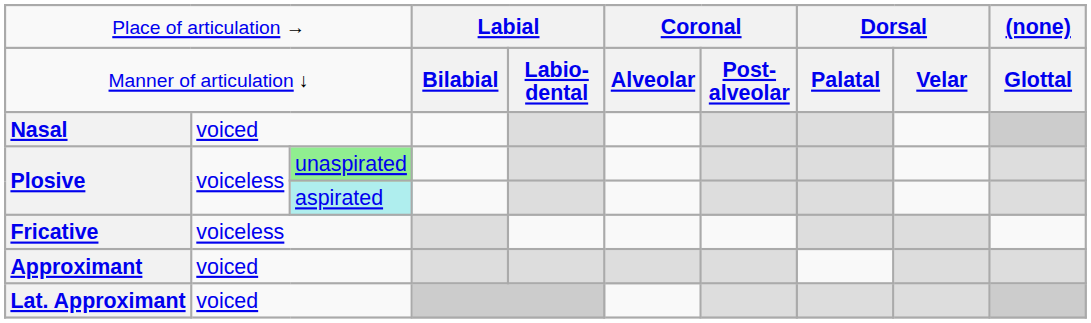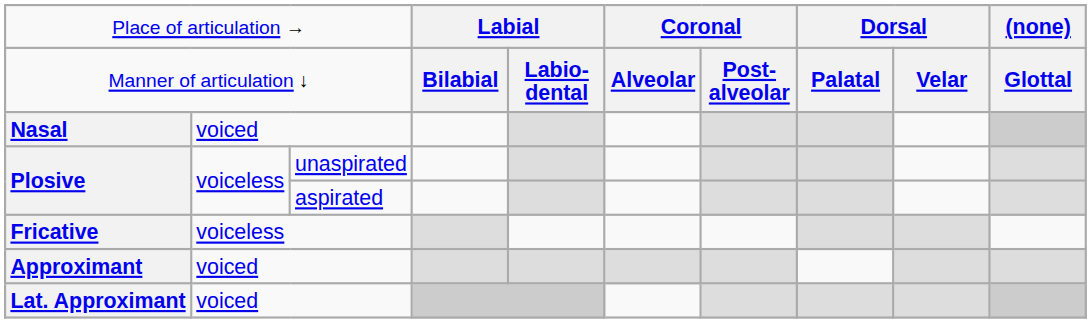 <table class="wikitable" style="text-align: center">
 <tr style="vertical-align: center; font-size: x-small; height: 2em">
 <td colspan=3 style="font-size: 90%;"><a href='#'>Place of articulation</a> →</td>
 <th colspan=2><a href='#'>Labial</a></th>
 <th colspan=2><a href='#'>Coronal</a></th>
 <th colspan=2><a href='#'>Dorsal</a></th>
 <th colspan=2><a href='#'>(none)</a></th>
 </tr>
 <tr style="vertical-align: center; font-size: x-small; height: 3em">
 <td colspan="3" style="font-size: 90%;"><a href='#'>Manner of articulation</a> ↓</td>
 <th style="width: 4em;"><a href='#'>Bi­la­bial</a></th>
 <th style="width: 4em;"><a href='#'>La­bio-<br>den­tal</a></th>
 <th style="width: 4em;"><a href='#'>Al­veo­lar</a></th>
 <th style="width: 4em;"><a href='#'>Post-<br>al­veo­lar</a></th>
 <th style="width: 4em;"><a href='#'>Pa­la­tal</a></th>
 <th style="width: 4em;"><a href='#'>Ve­lar</a></th>
 <th colspan="2" style="width: 4em;"><a href='#'>Glot­tal</a></th>
 </tr>
 <tr style="font-size: 120%;">
 <th colspan="1" style="font-size: x-small; text-align:left"><a href='#'>Nasal</a></th>
 <td colspan="2" style="font-size: x-small; text-align:left"><a href='#'>voiced</a></td>
 <td></td>
 <td style="background:#ddd"></td>
 <td></td>
 <td style="background:#ddd"></td>
 <td style="background:#ddd"></td>
 <td></td>
 <td style="background:#ccc"></td>
 </tr>
 <tr style="font-size: 120%;">
 <th rowspan="2" style="font-size: x-small; text-align:left"><a href='#'>Plosive</a></th>
 <td rowspan="2" style="font-size: x-small; text-align:left"><a href='#'>voiceless</a></td>
-<td style="background: lightgreen; font-size: x-small; text-align:left"><a href='#'>unaspirated</a></td>
+<td style="font-size: x-small; text-align:left"><a href='#'>unaspirated</a></td>
 <td></td>
 <td style="background:#ddd"></td>
 <td></td>
 <td style="background:#ddd"></td>
 <td style="background:#ddd"></td>
 <td></td>
 <td style="background:#ddd"></td>
 </tr>
 <tr style="font-size: 120%;">
-<td style="background: paleturquoise; font-size: x-small; text-align:left"><a href='#'>aspirated</a></td>
+<td style="font-size: x-small; text-align:left"><a href='#'>aspirated</a></td>
 <td></td>
 <td style="background:#ddd"></td>
 <td></td>
 <td style="background:#ddd"></td>
 <td style="background:#ddd"></td>
 <td></td>
 <td style="background:#ddd"></td>
 </tr>
 <tr style="font-size: 120%;">
 <th style="font-size: x-small; text-align:left"><a href='#'>Fricative</a></th>
 <td colspan="2" style="font-size: x-small; text-align:left"><a href='#'>voiceless</a></td>
 <td style="background:#ddd"></td>
 <td></td>
 <td> </td>
 <td> </td>
 <td style="background:#ddd"></td>
 <td style="background:#ddd"></td>
 <td></td>
 </tr>
 <tr style="font-size: 120%;">
 <th style="font-size: x-small; text-align:left"><a href='#'>Approx­imant</a></th>
 <td colspan="2" style="font-size: x-small; text-align:left"><a href='#'>voiced</a></td>
 <td style="background:#ddd"></td>
 <td style="background:#ddd"></td>
 <td style="background:#ddd"></td>
 <td style="background:#ddd"></td>
 <td></td>
 <td style="background:#ddd"></td>
 <td style="background:#ddd"></td>
 </tr>
 <tr style="font-size: 120%;">
 <th style="font-size: x-small; text-align:left"><a href='#'>Lat. Approx­imant</a></th>
 <td colspan="2" style="font-size: x-small; text-align:left"><a href='#'>voiced</a></td>
 <td colspan="2" style="background:#ccc"></td>
 <td></td>
 <td style="background:#ddd"></td>
 <td style="background:#ddd"></td>
 <td style="background:#ddd"></td>
 <td style="background:#ccc"></td>
 </tr>
 </table>
